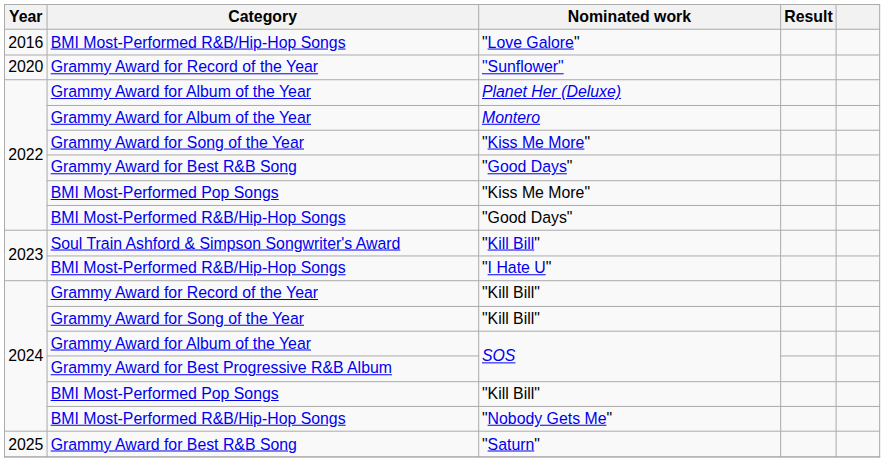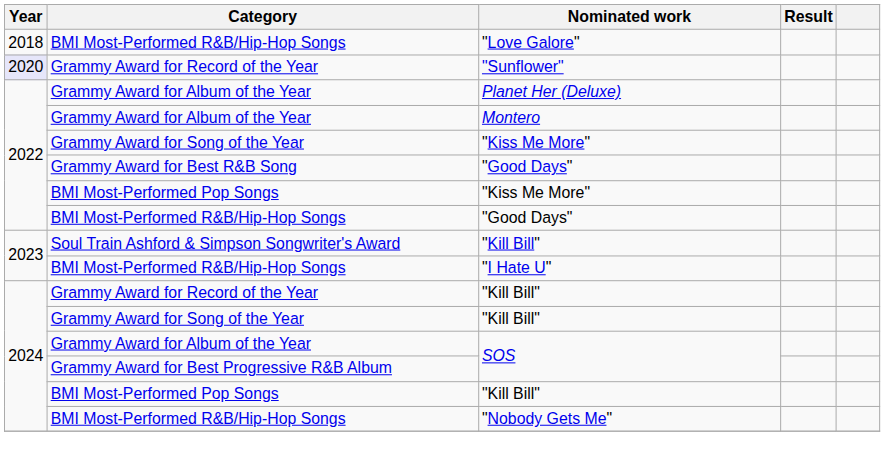 <table class="wikitable plainrowheaders" style="width:70%;">
 <tr>
 <th scope="col" style="width:4%;">Year</th>
 <th scope="col" style="width:50%;">Category</th>
 <th scope="col" style="width:35%;">Nominated work</th>
 <th scope="col" style="width:6%;">Result</th>
 <th scope="col" style="width:6%;"></th>
 </tr>
 <tr>
-<td>2016</td>
+<td>2018</td>
 <td><a href='#'>BMI Most-Performed R&B/Hip-Hop Songs</a></td>
 <td>"<a href='#'>Love Galore</a>"</td>
 <td></td>
 <td style="text-align:center;"></td>
 </tr>
 <tr>
-<td>2020</td>
+<td style="background: lavender;">2020</td>
 <td><a href='#'>Grammy Award for Record of the Year</a></td>
 <td><a href='#'>"Sunflower"</a></td>
 <td></td>
 <td style="text-align:center;"></td>
 </tr>
 <tr>
 <td rowspan="6">2022</td>
 <td><a href='#'>Grammy Award for Album of the Year</a></td>
 <td><a href='#'><em>Planet Her (Deluxe)</em></a></td>
 <td></td>
 <td style="text-align:center;"></td>
 </tr>
 <tr>
 <td><a href='#'>Grammy Award for Album of the Year</a></td>
 <td><a href='#'><em>Montero</em></a></td>
 <td></td>
 <td style="text-align:center;"></td>
 </tr>
 <tr>
 <td><a href='#'>Grammy Award for Song of the Year</a></td>
 <td>"<a href='#'>Kiss Me More</a>"</td>
 <td></td>
 <td style="text-align:center;"></td>
 </tr>
 <tr>
 <td><a href='#'>Grammy Award for Best R&B Song</a></td>
 <td>"<a href='#'>Good Days</a>"</td>
 <td></td>
 <td style="text-align:center;"></td>
 </tr>
 <tr>
 <td><a href='#'>BMI Most-Performed Pop Songs</a></td>
 <td>"Kiss Me More"</td>
 <td></td>
 <td style="text-align:center;"></td>
 </tr>
 <tr>
 <td><a href='#'>BMI Most-Performed R&B/Hip-Hop Songs</a></td>
 <td>"Good Days"</td>
 <td></td>
 <td style="text-align:center;"></td>
 </tr>
 <tr>
 <td rowspan="2">2023</td>
 <td><a href='#'>Soul Train Ashford & Simpson Songwriter's Award</a></td>
 <td>"<a href='#'>Kill Bill</a>"</td>
 <td></td>
 <td style="text-align:center;"></td>
 </tr>
 <tr>
 <td><a href='#'>BMI Most-Performed R&B/Hip-Hop Songs</a></td>
 <td>"<a href='#'>I Hate U</a>"</td>
 <td></td>
 <td style="text-align:center;"></td>
 </tr>
 <tr>
 <td rowspan="6">2024</td>
 <td><a href='#'>Grammy Award for Record of the Year</a></td>
 <td>"Kill Bill"</td>
 <td></td>
 <td style="text-align:center;"></td>
 </tr>
 <tr>
 <td><a href='#'>Grammy Award for Song of the Year</a></td>
 <td>"Kill Bill"</td>
 <td></td>
 <td style="text-align:center;"></td>
 </tr>
 <tr>
 <td><a href='#'>Grammy Award for Album of the Year</a></td>
 <td rowspan="2"><em><a href='#'>SOS</a></em></td>
 <td></td>
 <td style="text-align:center;"></td>
 </tr>
 <tr>
 <td><a href='#'>Grammy Award for Best Progressive R&B Album</a></td>
 <td></td>
 <td style="text-align:center;"></td>
 </tr>
 <tr>
 <td><a href='#'>BMI Most-Performed Pop Songs</a></td>
 <td>"Kill Bill"</td>
 <td></td>
 <td style="text-align:center;"></td>
 </tr>
 <tr>
 <td><a href='#'>BMI Most-Performed R&B/Hip-Hop Songs</a></td>
 <td>"<a href='#'>Nobody Gets Me</a>"</td>
 <td></td>
 <td style="text-align:center;"></td>
 </tr>
 <tr>
-<td>2025</td>
-<td><a href='#'>Grammy Award for Best R&B Song</a></td>
-<td>"<a href='#'>Saturn</a>"</td>
-<td></td>
-<td style="text-align:center;"></td>
-</tr>
-<tr>
 </tr>
 </table>
